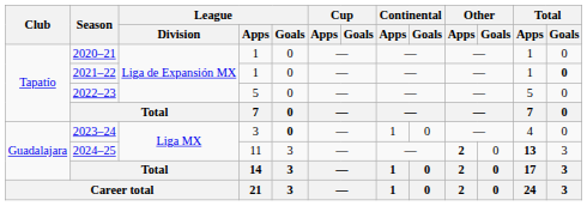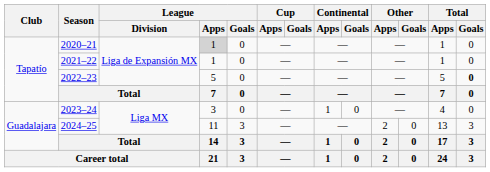 <table class="wikitable" style="text-align:center">
 <tr>
 <th rowspan="2">Club</th>
 <th rowspan="2">Season</th>
 <th colspan="3">League</th>
 <th colspan="2">Cup</th>
 <th colspan="2">Continental</th>
 <th colspan="2">Other</th>
 <th colspan="2">Total</th>
 </tr>
 <tr>
 <th>Division</th>
 <th>Apps</th>
 <th>Goals</th>
 <th>Apps</th>
 <th>Goals</th>
 <th>Apps</th>
 <th>Goals</th>
 <th>Apps</th>
 <th>Goals</th>
 <th>Apps</th>
 <th>Goals</th>
 </tr>
 <tr>
 <td rowspan="4"><a href='#'>Tapatío</a></td>
 <td><a href='#'>2020–21</a></td>
 <td rowspan="3"><a href='#'>Liga de Expansión MX</a></td>
-<td>1</td>
+<td style="background: lightgrey;">1</td>
 <td>0</td>
 <td colspan="2">—</td>
 <td colspan="2">—</td>
 <td colspan="2">—</td>
 <td>1</td>
 <td>0</td>
 </tr>
 <tr>
 <td><a href='#'>2021–22</a></td>
 <td>1</td>
 <td>0</td>
 <td colspan="2">—</td>
 <td colspan="2">—</td>
 <td colspan="2">—</td>
 <td>1</td>
-<td><strong>0</strong></td>
+<td>0</td>
 </tr>
 <tr>
 <td><a href='#'>2022–23</a></td>
 <td>5</td>
 <td>0</td>
 <td colspan="2">—</td>
 <td colspan="2">—</td>
 <td colspan="2">—</td>
 <td>5</td>
-<td>0</td>
+<td><strong>0</strong></td>
 </tr>
 <tr>
 <th colspan="2">Total</th>
 <th>7</th>
 <th>0</th>
 <th colspan="2">—</th>
 <th colspan="2">—</th>
 <th colspan="2">—</th>
 <th>7</th>
 <th>0</th>
 </tr>
 <tr>
 <td rowspan="3"><a href='#'>Guadalajara</a></td>
 <td><a href='#'>2023–24</a></td>
 <td rowspan="2"><a href='#'>Liga MX</a></td>
 <td>3</td>
-<td><strong>0</strong></td>
+<td>0</td>
 <td colspan="2">—</td>
 <td>1</td>
 <td>0</td>
 <td colspan="2">—</td>
 <td>4</td>
 <td>0</td>
 </tr>
 <tr>
 <td><a href='#'>2024–25</a></td>
 <td>11</td>
 <td>3</td>
 <td colspan="2">—</td>
 <td colspan="2">—</td>
-<td><strong>2</strong></td>
+<td>2</td>
 <td>0</td>
-<td><strong>13</strong></td>
+<td>13</td>
 <td>3</td>
 </tr>
 <tr>
 <th colspan="2">Total</th>
 <th>14</th>
 <th>3</th>
 <th colspan="2">—</th>
 <th>1</th>
 <th>0</th>
 <th>2</th>
 <th>0</th>
 <th>17</th>
 <th>3</th>
 </tr>
 <tr>
 <th colspan="3">Career total</th>
 <th>21</th>
 <th>3</th>
 <th colspan="2">—</th>
 <th>1</th>
 <th>0</th>
 <th>2</th>
 <th>0</th>
 <th>24</th>
 <th>3</th>
 </tr>
 </table>
